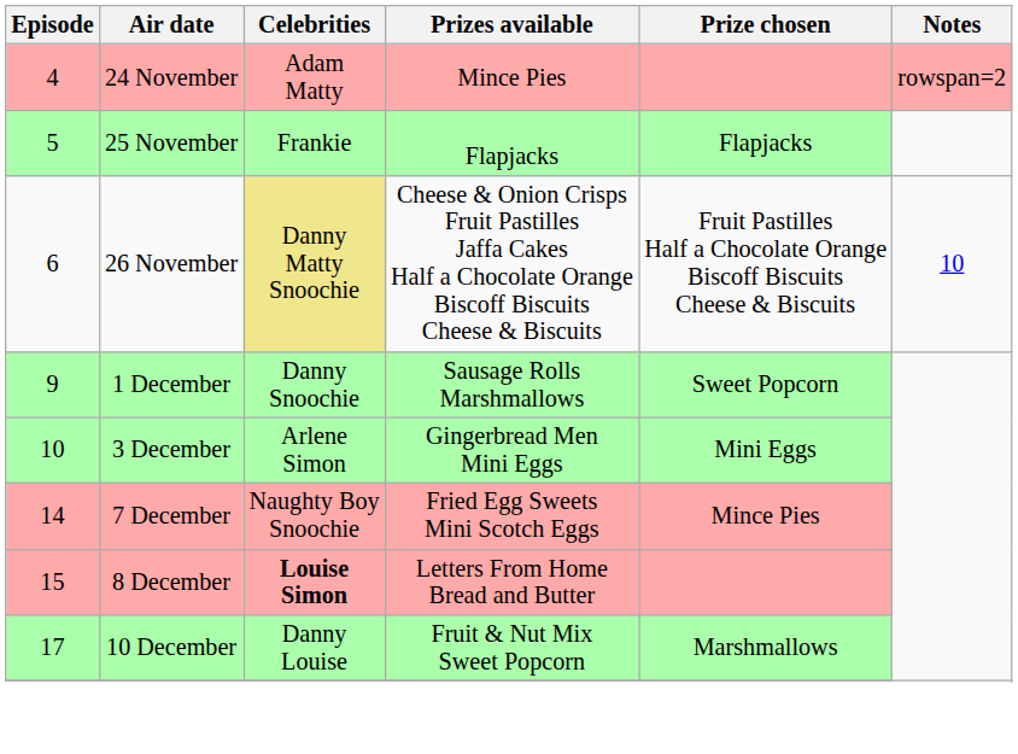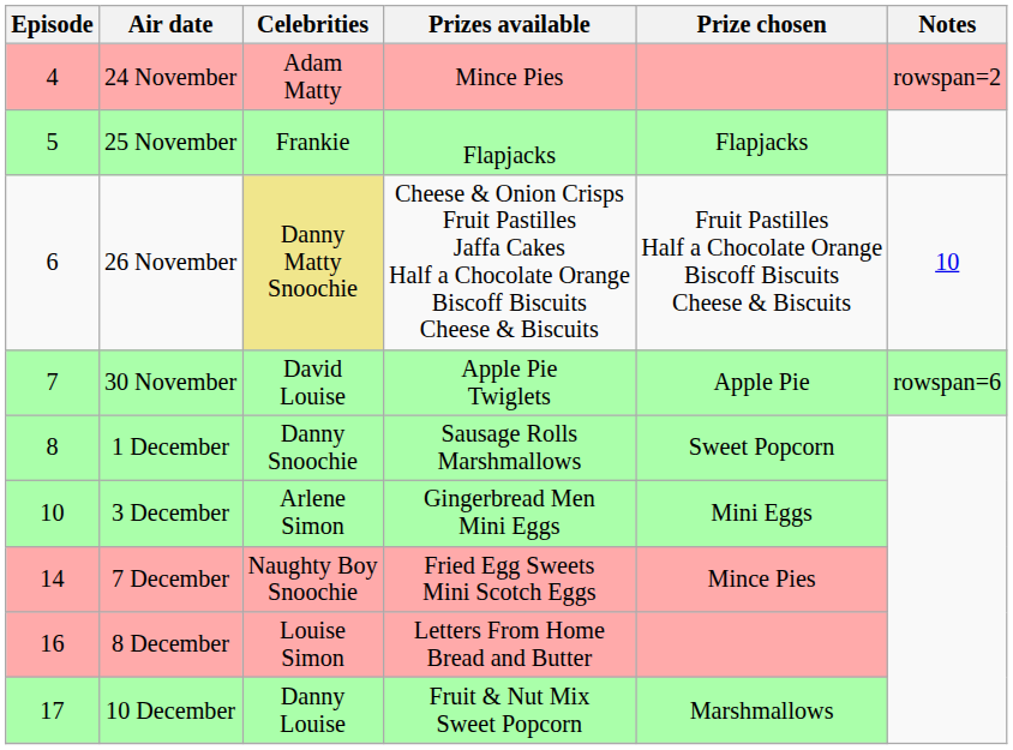 <table class=wikitable style="text-align:center">
 <tr>
 <th>Episode</th>
 <th>Air date</th>
 <th>Celebrities</th>
 <th>Prizes available</th>
 <th>Prize chosen</th>
 <th>Notes</th>
 </tr>
 <tr style="background:#ffaaaa;">
 <td>4</td>
 <td>24 November</td>
 <td>Adam<br>Matty</td>
 <td>Mince Pies<br></td>
 <td></td>
 <td>rowspan=2</td>
 </tr>
 <tr style="background:#aaffaa;">
 <td>5</td>
 <td>25 November</td>
 <td>Frankie<br></td>
 <td><br>Flapjacks</td>
 <td>Flapjacks</td>
 </tr>
 <tr>
 <td>6</td>
 <td>26 November</td>
 <td style="background: khaki;">Danny<br>Matty<br>Snoochie</td>
 <td>Cheese & Onion Crisps<br>Fruit Pastilles<br>Jaffa Cakes<br>Half a Chocolate Orange<br>Biscoff Biscuits<br>Cheese & Biscuits</td>
 <td>Fruit Pastilles<br>Half a Chocolate Orange<br>Biscoff Biscuits<br>Cheese & Biscuits</td>
 <td><a href='#'>10</a></td>
 </tr>
 <tr style="background:#aaffaa;">
-<td>9</td>
+<td>7</td>
+<td>30 November</td>
+<td>David<br>Louise</td>
+<td>Apple Pie<br>Twiglets</td>
+<td>Apple Pie</td>
+<td>rowspan=6</td>
+</tr>
+<tr style="background:#aaffaa;">
+<td>8</td>
 <td>1 December</td>
 <td>Danny<br>Snoochie</td>
 <td>Sausage Rolls<br>Marshmallows</td>
 <td>Sweet Popcorn</td>
 </tr>
 <tr style="background:#aaffaa;">
 <td>10</td>
 <td>3 December</td>
 <td>Arlene<br>Simon</td>
 <td>Gingerbread Men<br>Mini Eggs</td>
 <td>Mini Eggs</td>
 </tr>
 <tr style="background:#ffaaaa;">
 <td>14</td>
 <td>7 December</td>
 <td>Naughty Boy<br>Snoochie</td>
 <td>Fried Egg Sweets<br>Mini Scotch Eggs</td>
 <td>Mince Pies</td>
 </tr>
 <tr style="background:#ffaaaa;">
-<td>15</td>
+<td>16</td>
 <td>8 December</td>
-<td><strong>Louise<br>Simon</strong></td>
+<td>Louise<br>Simon</td>
 <td>Letters From Home<br>Bread and Butter</td>
 <td></td>
 </tr>
 <tr style="background:#aaffaa;">
 <td>17</td>
 <td>10 December</td>
 <td>Danny<br>Louise</td>
 <td>Fruit & Nut Mix<br>Sweet Popcorn</td>
 <td>Marshmallows</td>
 </tr>
 <tr>
 </tr>
 </table>
